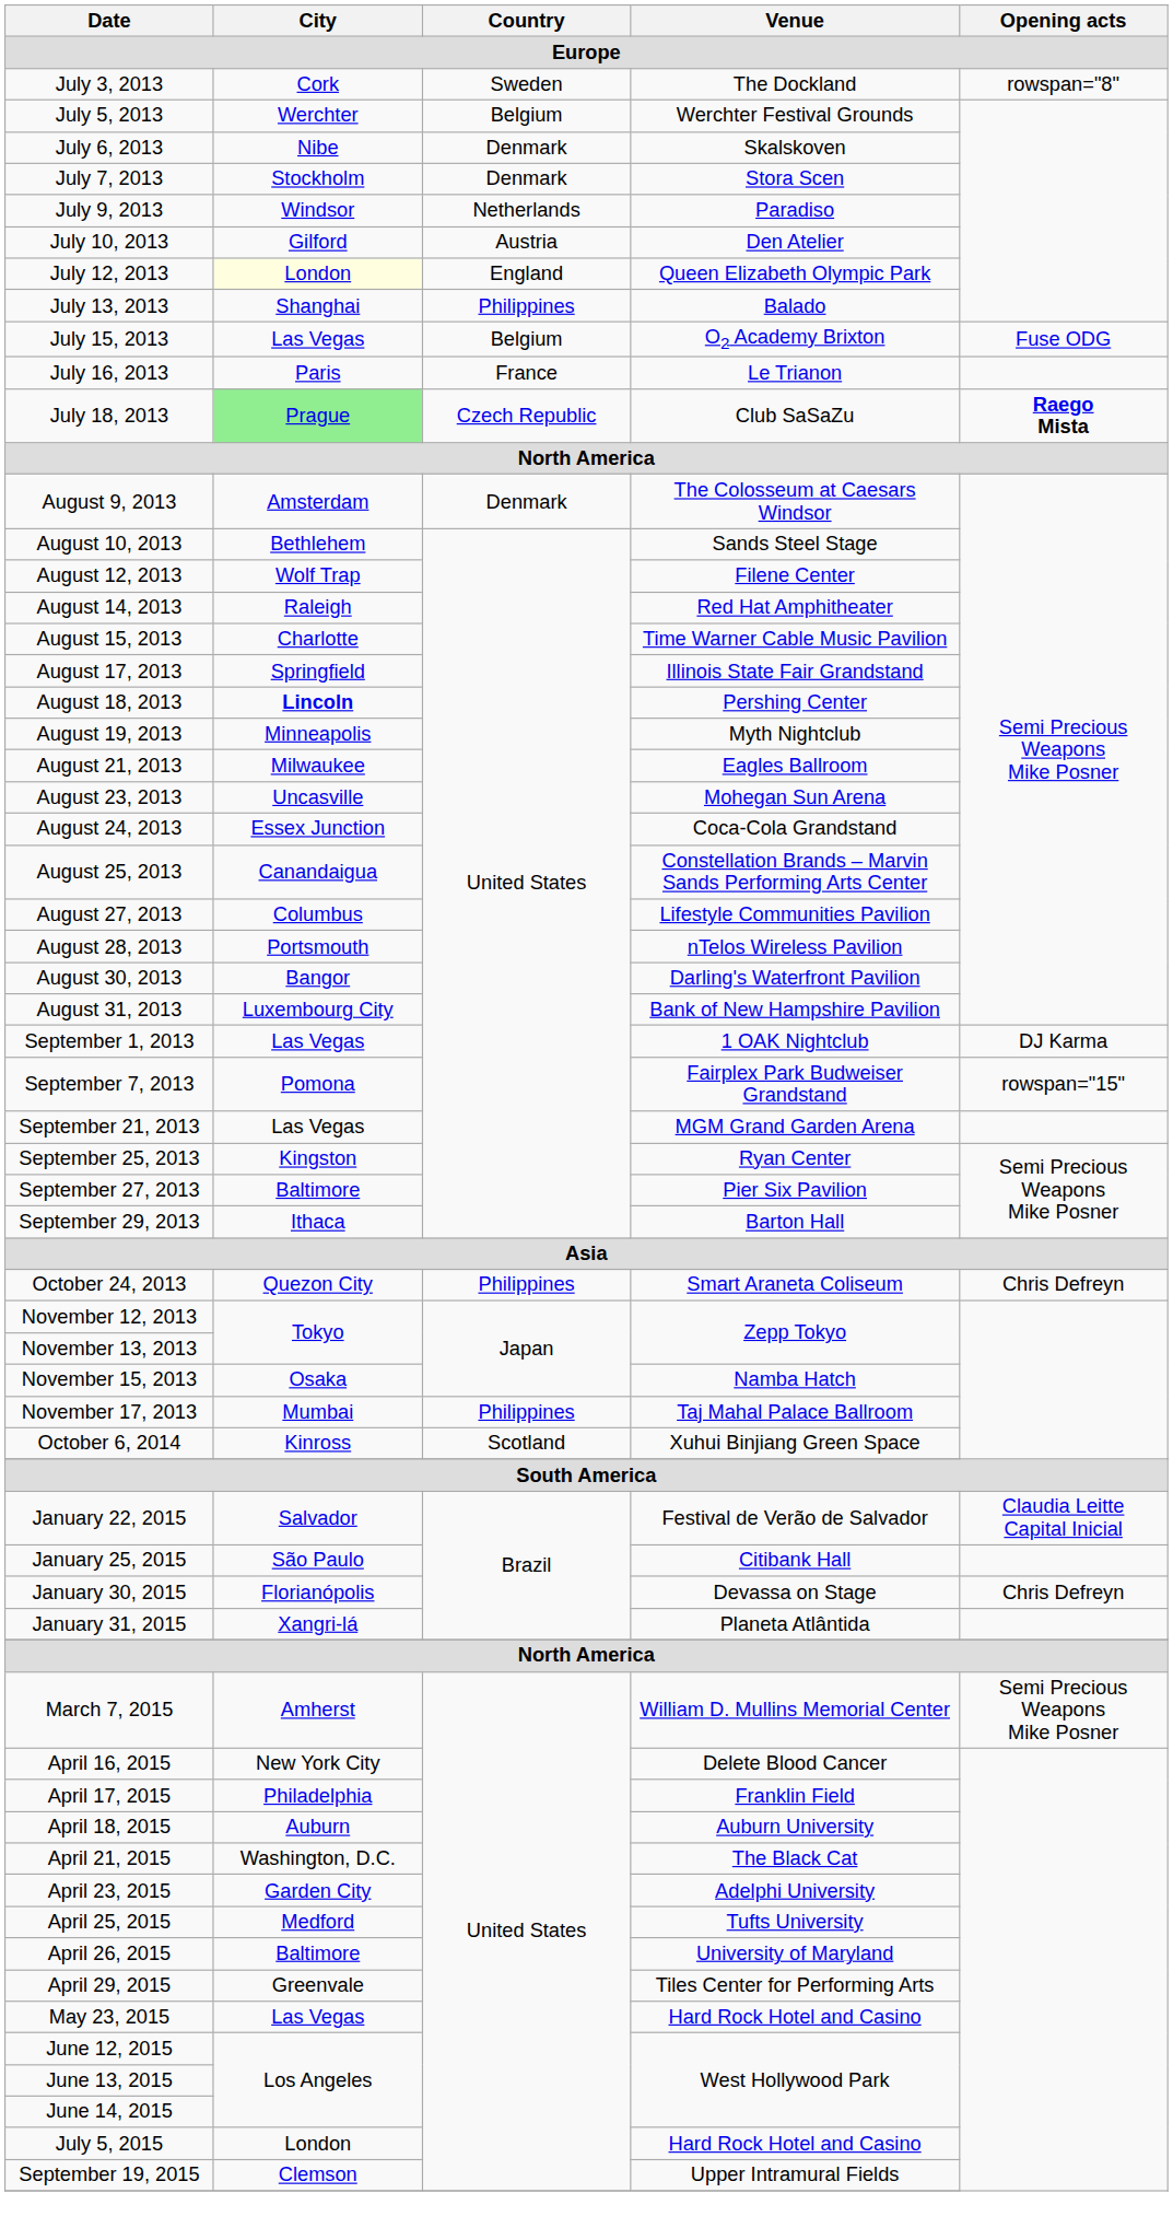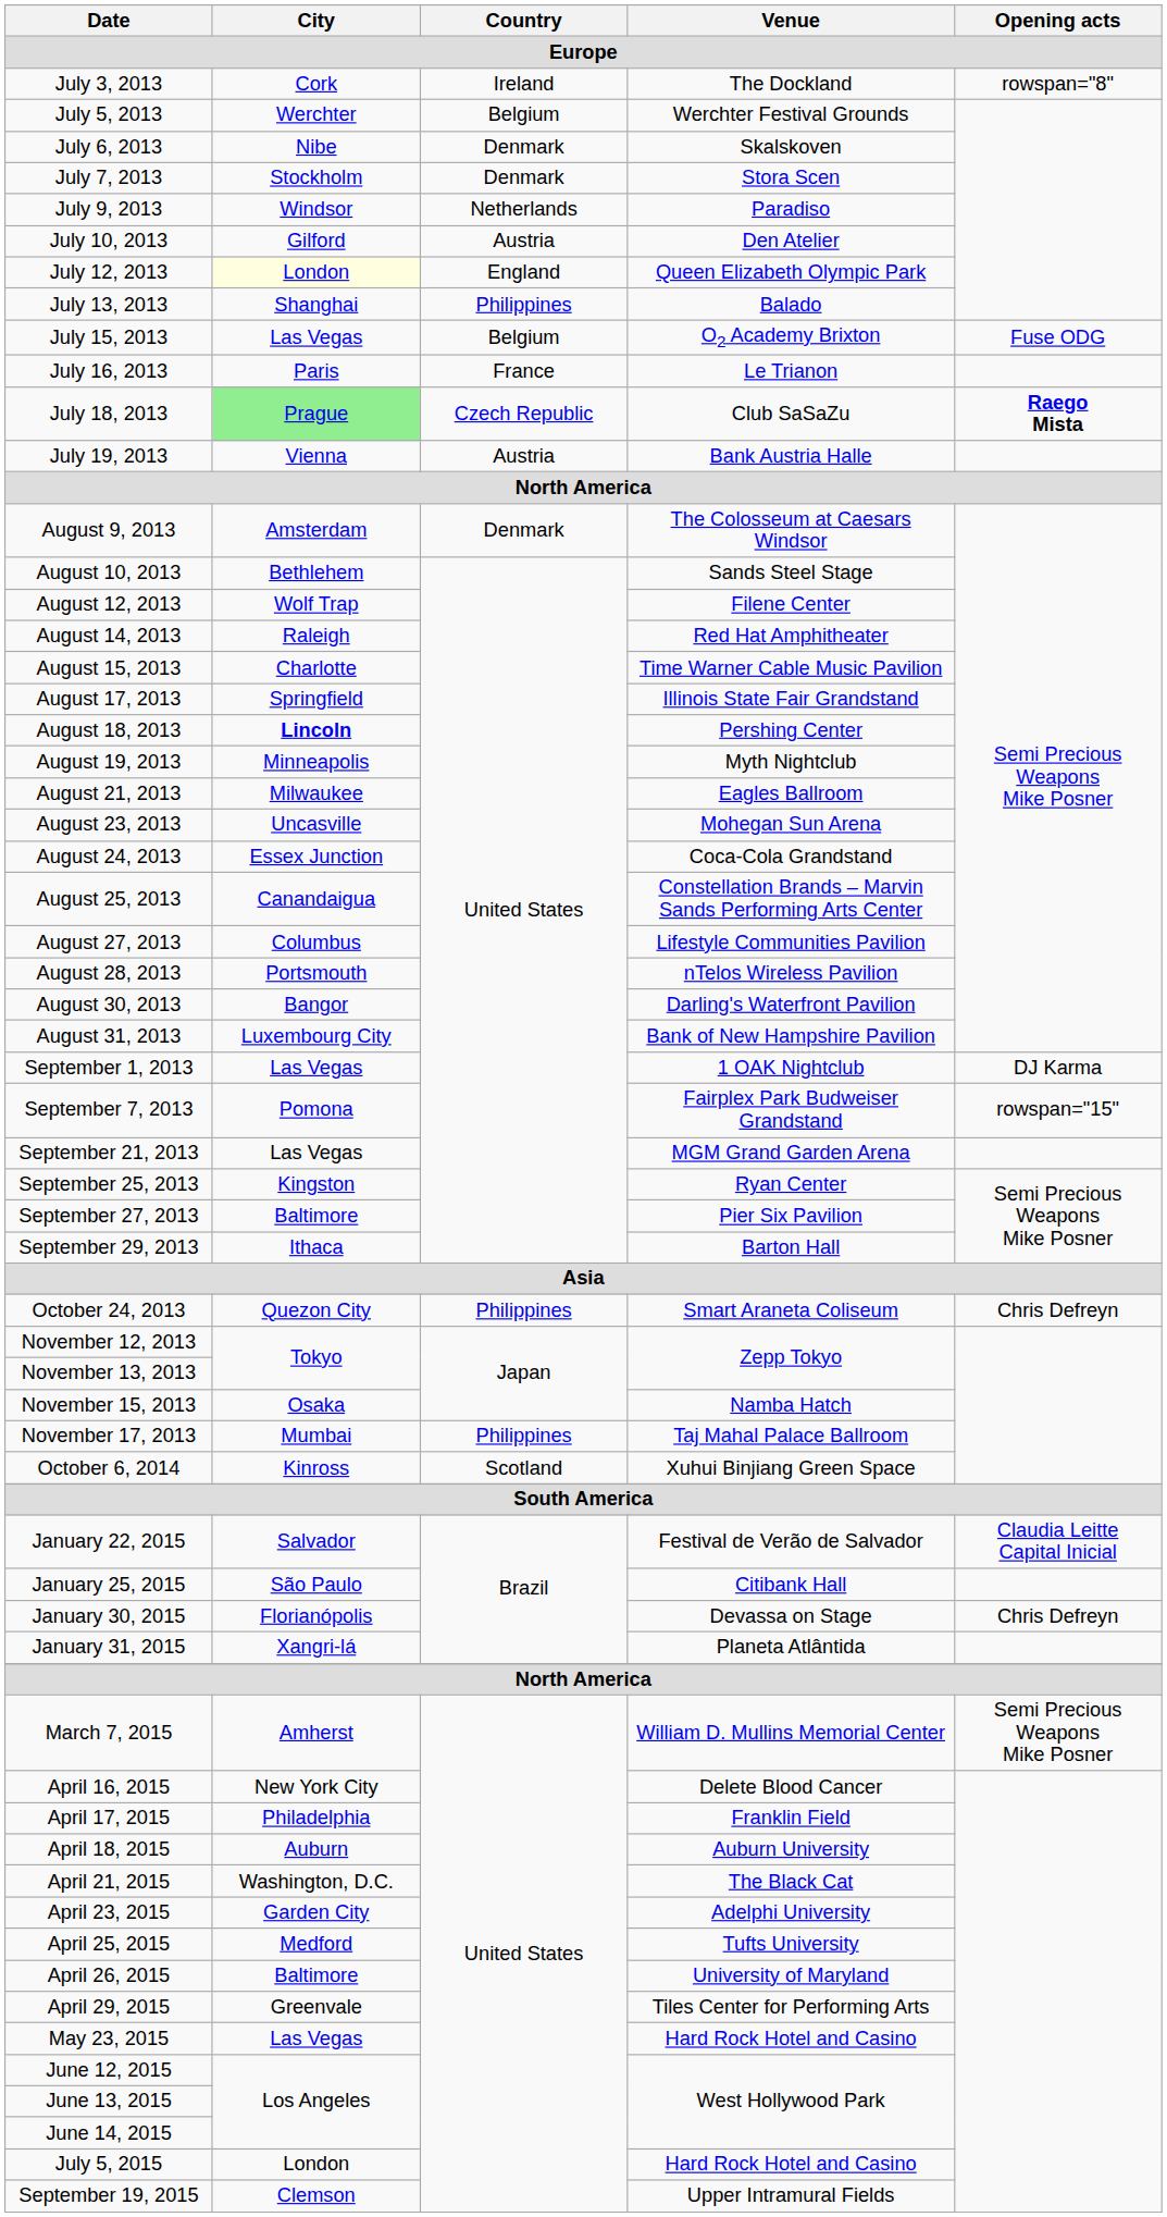 <table class="wikitable" style="text-align:center;">
 <tr>
 <th scope="col" style="width:10em;">Date</th>
 <th scope="col" style="width:10em;">City</th>
 <th scope="col" style="width:10em;">Country</th>
 <th scope="col" style="width:16em;">Venue</th>
 <th scope="col" style="width:10em;">Opening acts</th>
 </tr>
 <tr style="background:#ddd;">
 <td colspan="5" style="text-align:center;"><strong>Europe</strong></td>
 </tr>
 <tr>
 <td>July 3, 2013</td>
 <td><a href='#'>Cork</a></td>
-<td>Sweden</td>
+<td>Ireland</td>
 <td>The Dockland</td>
 <td>rowspan="8" </td>
 </tr>
 <tr>
 <td>July 5, 2013</td>
 <td><a href='#'>Werchter</a></td>
 <td>Belgium</td>
 <td>Werchter Festival Grounds</td>
 </tr>
 <tr>
 <td>July 6, 2013</td>
 <td><a href='#'>Nibe</a></td>
 <td>Denmark</td>
 <td>Skalskoven</td>
 </tr>
 <tr>
 <td>July 7, 2013</td>
 <td><a href='#'>Stockholm</a></td>
 <td>Denmark</td>
 <td><a href='#'>Stora Scen</a></td>
 </tr>
 <tr>
 <td>July 9, 2013</td>
 <td><a href='#'>Windsor</a></td>
 <td>Netherlands</td>
 <td><a href='#'>Paradiso</a></td>
 </tr>
 <tr>
 <td>July 10, 2013</td>
 <td><a href='#'>Gilford</a></td>
 <td>Austria</td>
 <td><a href='#'>Den Atelier</a></td>
 </tr>
 <tr>
 <td>July 12, 2013</td>
 <td style="background: lightyellow;"><a href='#'>London</a></td>
 <td>England</td>
 <td><a href='#'>Queen Elizabeth Olympic Park</a></td>
 </tr>
 <tr>
 <td>July 13, 2013</td>
 <td><a href='#'>Shanghai</a></td>
 <td><a href='#'>Philippines</a></td>
 <td><a href='#'>Balado</a></td>
 </tr>
 <tr>
 <td>July 15, 2013</td>
 <td><a href='#'>Las Vegas</a></td>
 <td>Belgium</td>
 <td><a href='#'>O<sub>2</sub> Academy Brixton</a></td>
 <td><a href='#'>Fuse ODG</a></td>
 </tr>
 <tr>
 <td>July 16, 2013</td>
 <td><a href='#'>Paris</a></td>
 <td>France</td>
 <td><a href='#'>Le Trianon</a></td>
 <td></td>
 </tr>
 <tr>
 <td>July 18, 2013</td>
 <td style="background: lightgreen;"><a href='#'>Prague</a></td>
 <td><a href='#'>Czech Republic</a></td>
 <td>Club SaSaZu</td>
 <td><strong><a href='#'>Raego</a><br>Mista</strong></td>
+</tr>
+<tr>
+<td>July 19, 2013</td>
+<td><a href='#'>Vienna</a></td>
+<td>Austria</td>
+<td><a href='#'>Bank Austria Halle</a></td>
+<td></td>
 </tr>
 <tr style="background:#ddd;">
 <td colspan="5" style="text-align:center;"><strong>North America</strong></td>
 </tr>
 <tr>
 <td>August 9, 2013</td>
 <td><a href='#'>Amsterdam</a></td>
 <td>Denmark</td>
 <td><a href='#'>The Colosseum at Caesars Windsor</a></td>
 <td rowspan="16"><a href='#'>Semi Precious Weapons</a><br><a href='#'>Mike Posner</a></td>
 </tr>
 <tr>
 <td>August 10, 2013</td>
 <td><a href='#'>Bethlehem</a></td>
 <td rowspan="21">United States</td>
 <td>Sands Steel Stage</td>
 </tr>
 <tr>
 <td>August 12, 2013</td>
 <td><a href='#'>Wolf Trap</a></td>
 <td><a href='#'>Filene Center</a></td>
 </tr>
 <tr>
 <td>August 14, 2013</td>
 <td><a href='#'>Raleigh</a></td>
 <td><a href='#'>Red Hat Amphitheater</a></td>
 </tr>
 <tr>
 <td>August 15, 2013</td>
 <td><a href='#'>Charlotte</a></td>
 <td><a href='#'>Time Warner Cable Music Pavilion</a></td>
 </tr>
 <tr>
 <td>August 17, 2013</td>
 <td><a href='#'>Springfield</a></td>
 <td><a href='#'>Illinois State Fair Grandstand</a></td>
 </tr>
 <tr>
 <td>August 18, 2013</td>
 <td><strong><a href='#'>Lincoln</a></strong></td>
 <td><a href='#'>Pershing Center</a></td>
 </tr>
 <tr>
 <td>August 19, 2013</td>
 <td><a href='#'>Minneapolis</a></td>
 <td>Myth Nightclub</td>
 </tr>
 <tr>
 <td>August 21, 2013</td>
 <td><a href='#'>Milwaukee</a></td>
 <td><a href='#'>Eagles Ballroom</a></td>
 </tr>
 <tr>
 <td>August 23, 2013</td>
 <td><a href='#'>Uncasville</a></td>
 <td><a href='#'>Mohegan Sun Arena</a></td>
 </tr>
 <tr>
 <td>August 24, 2013</td>
 <td><a href='#'>Essex Junction</a></td>
 <td>Coca-Cola Grandstand</td>
 </tr>
 <tr>
 <td>August 25, 2013</td>
 <td><a href='#'>Canandaigua</a></td>
 <td><a href='#'>Constellation Brands – Marvin Sands Performing Arts Center</a></td>
 </tr>
 <tr>
 <td>August 27, 2013</td>
 <td><a href='#'>Columbus</a></td>
 <td><a href='#'>Lifestyle Communities Pavilion</a></td>
 </tr>
 <tr>
 <td>August 28, 2013</td>
 <td><a href='#'>Portsmouth</a></td>
 <td><a href='#'>nTelos Wireless Pavilion</a></td>
 </tr>
 <tr>
 <td>August 30, 2013</td>
 <td><a href='#'>Bangor</a></td>
 <td><a href='#'>Darling's Waterfront Pavilion</a></td>
 </tr>
 <tr>
 <td>August 31, 2013</td>
 <td><a href='#'>Luxembourg City</a></td>
 <td><a href='#'>Bank of New Hampshire Pavilion</a></td>
 </tr>
 <tr>
 <td>September 1, 2013</td>
 <td><a href='#'>Las Vegas</a></td>
 <td><a href='#'>1 OAK Nightclub</a></td>
 <td>DJ Karma</td>
 </tr>
 <tr>
 <td>September 7, 2013</td>
 <td><a href='#'>Pomona</a></td>
 <td><a href='#'>Fairplex Park Budweiser Grandstand</a></td>
 <td>rowspan="15" </td>
 </tr>
 <tr>
 <td>September 21, 2013</td>
 <td>Las Vegas</td>
 <td><a href='#'>MGM Grand Garden Arena</a></td>
 <td></td>
 </tr>
 <tr>
 <td>September 25, 2013</td>
 <td><a href='#'>Kingston</a></td>
 <td><a href='#'>Ryan Center</a></td>
 <td rowspan="3">Semi Precious Weapons<br>Mike Posner</td>
 </tr>
 <tr>
 <td>September 27, 2013</td>
 <td><a href='#'>Baltimore</a></td>
 <td><a href='#'>Pier Six Pavilion</a></td>
 </tr>
 <tr>
 <td>September 29, 2013</td>
 <td><a href='#'>Ithaca</a></td>
 <td><a href='#'>Barton Hall</a></td>
 </tr>
 <tr style="background:#ddd;">
 <td colspan="5" style="text-align:center;"><strong>Asia</strong></td>
 </tr>
 <tr>
 <td>October 24, 2013</td>
 <td><a href='#'>Quezon City</a></td>
 <td><a href='#'>Philippines</a></td>
 <td><a href='#'>Smart Araneta Coliseum</a></td>
 <td>Chris Defreyn</td>
 </tr>
 <tr>
 <td>November 12, 2013</td>
 <td rowspan="2"><a href='#'>Tokyo</a></td>
 <td rowspan="3">Japan</td>
 <td rowspan="2"><a href='#'>Zepp Tokyo</a></td>
 </tr>
 <tr>
 <td>November 13, 2013</td>
 </tr>
 <tr>
 <td>November 15, 2013</td>
 <td><a href='#'>Osaka</a></td>
 <td><a href='#'>Namba Hatch</a></td>
 </tr>
 <tr>
 <td>November 17, 2013</td>
 <td><a href='#'>Mumbai</a></td>
 <td><a href='#'>Philippines</a></td>
 <td><a href='#'>Taj Mahal Palace Ballroom</a></td>
 </tr>
 <tr>
 <td>October 6, 2014</td>
 <td><a href='#'>Kinross</a></td>
 <td>Scotland</td>
 <td>Xuhui Binjiang Green Space</td>
 </tr>
 <tr>
 </tr>
 <tr style="background:#ddd;">
 <td colspan="5" style="text-align:center;"><strong>South America</strong></td>
 </tr>
 <tr>
 <td>January 22, 2015</td>
 <td><a href='#'>Salvador</a></td>
 <td rowspan="4">Brazil</td>
 <td>Festival de Verão de Salvador</td>
 <td><a href='#'>Claudia Leitte</a> <br> <a href='#'>Capital Inicial</a></td>
 </tr>
 <tr>
 <td>January 25, 2015</td>
 <td><a href='#'>São Paulo</a></td>
 <td><a href='#'>Citibank Hall</a></td>
 <td></td>
 </tr>
 <tr>
 <td>January 30, 2015</td>
 <td><a href='#'>Florianópolis</a></td>
 <td>Devassa on Stage</td>
 <td>Chris Defreyn</td>
 </tr>
 <tr>
 <td>January 31, 2015</td>
 <td><a href='#'>Xangri-lá</a></td>
 <td>Planeta Atlântida</td>
 <td></td>
 </tr>
 <tr>
 </tr>
 <tr style="background:#ddd;">
 <td colspan="5" style="text-align:center;"><strong>North America</strong> </td>
 </tr>
 <tr>
 <td>March 7, 2015</td>
 <td><a href='#'>Amherst</a></td>
 <td rowspan="15">United States</td>
 <td><a href='#'>William D. Mullins Memorial Center</a></td>
 <td>Semi Precious Weapons<br>Mike Posner</td>
 </tr>
 <tr>
 <td>April 16, 2015</td>
 <td>New York City</td>
 <td>Delete Blood Cancer</td>
 </tr>
 <tr>
 <td>April 17, 2015</td>
 <td><a href='#'>Philadelphia</a></td>
 <td><a href='#'>Franklin Field</a></td>
 </tr>
 <tr>
 <td>April 18, 2015</td>
 <td><a href='#'>Auburn</a></td>
 <td><a href='#'>Auburn University</a></td>
 </tr>
 <tr>
 <td>April 21, 2015</td>
 <td>Washington, D.C.</td>
 <td><a href='#'>The Black Cat</a></td>
 </tr>
 <tr>
 <td>April 23, 2015</td>
 <td><a href='#'>Garden City</a></td>
 <td><a href='#'>Adelphi University</a></td>
 </tr>
 <tr>
 <td>April 25, 2015</td>
 <td><a href='#'>Medford</a></td>
 <td><a href='#'>Tufts University</a></td>
 </tr>
 <tr>
 <td>April 26, 2015</td>
 <td><a href='#'>Baltimore</a></td>
 <td><a href='#'>University of Maryland</a></td>
 </tr>
 <tr>
 <td>April 29, 2015</td>
 <td>Greenvale</td>
 <td>Tiles Center for Performing Arts</td>
 </tr>
 <tr>
 <td>May 23, 2015</td>
 <td><a href='#'>Las Vegas</a></td>
 <td><a href='#'>Hard Rock Hotel and Casino</a></td>
 </tr>
 <tr>
 <td>June 12, 2015</td>
 <td rowspan="3">Los Angeles</td>
 <td rowspan="3">West Hollywood Park</td>
 </tr>
 <tr>
 <td>June 13, 2015</td>
 </tr>
 <tr>
 <td>June 14, 2015</td>
 </tr>
 <tr>
 <td>July 5, 2015</td>
 <td>London</td>
 <td><a href='#'>Hard Rock Hotel and Casino</a></td>
 </tr>
 <tr>
 <td>September 19, 2015</td>
 <td><a href='#'>Clemson</a></td>
 <td>Upper Intramural Fields</td>
 </tr>
 <tr>
 </tr>
 </table>
